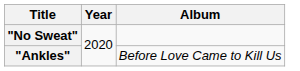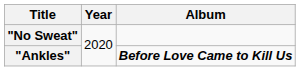 <table class="wikitable plainrowheaders" style="text-align:center;">
 <tr>
 <th scope="col">Title</th>
 <th scope="col">Year</th>
 <th scope="col">Album</th>
 </tr>
 <tr>
 <th scope="row">"No Sweat"</th>
 <td rowspan="2">2020</td>
 <td></td>
 </tr>
 <tr>
 <th scope="row">"Ankles"</th>
-<td><em>Before Love Came to Kill Us</em></td>
+<td><strong><em>Before Love Came to Kill Us</em></strong></td>
 </tr>
 </table>
